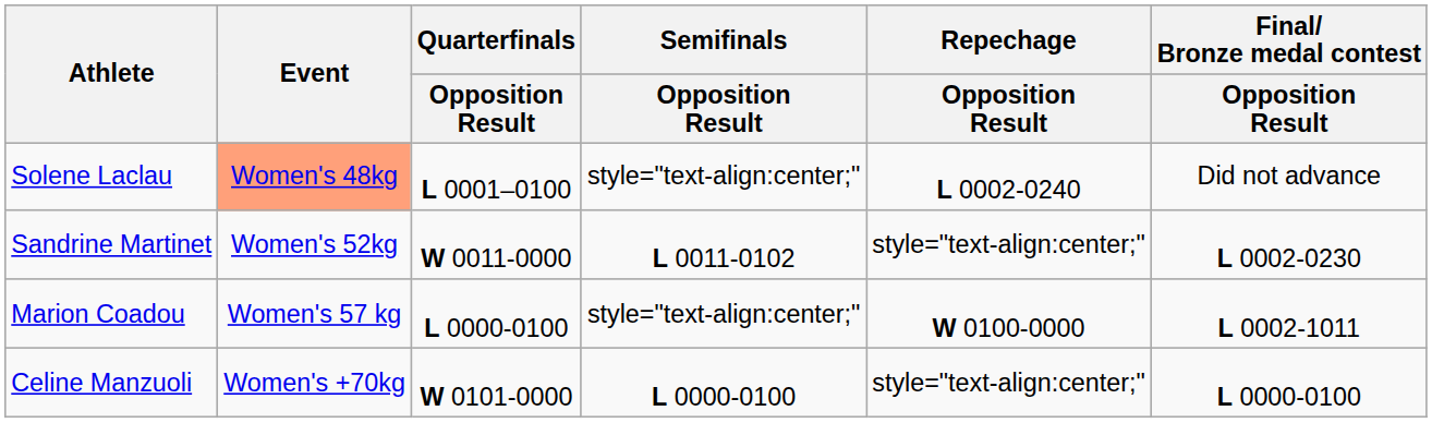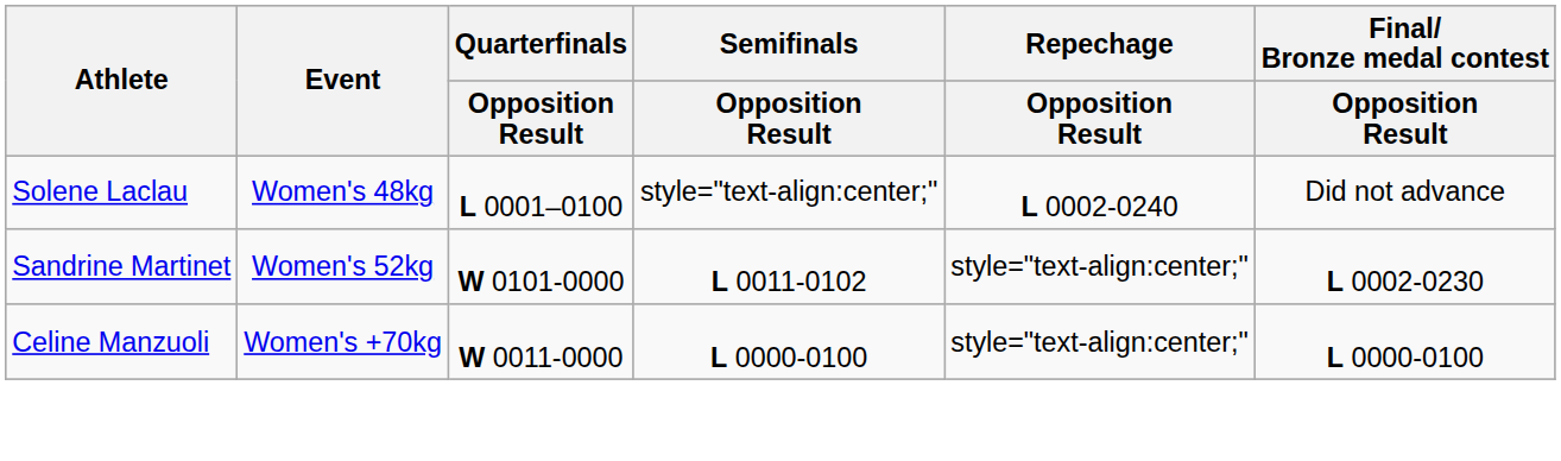 <table class= wikitable style="font-size:90%">
 <tr>
 <th rowspan="2">Athlete</th>
 <th rowspan="2">Event</th>
 <th>Quarterfinals</th>
 <th>Semifinals</th>
 <th>Repechage</th>
 <th>Final/<br>Bronze medal contest</th>
 </tr>
 <tr>
 <th>Opposition<br>Result</th>
 <th>Opposition<br>Result</th>
 <th>Opposition<br>Result</th>
 <th>Opposition<br>Result</th>
 </tr>
 <tr>
 <td><a href='#'>Solene Laclau</a></td>
-<td style="background: lightsalmon; text-align:center;"><a href='#'>Women's 48kg</a></td>
+<td style="text-align:center;"><a href='#'>Women's 48kg</a></td>
 <td style="text-align:center;"><br> <strong>L</strong> 0001–0100</td>
 <td>style="text-align:center;" </td>
 <td style="text-align:center;"><br> <strong>L</strong> 0002-0240</td>
 <td style="text-align:center;">Did not advance</td>
 </tr>
 <tr>
 <td><a href='#'>Sandrine Martinet</a></td>
 <td style="text-align:center;"><a href='#'>Women's 52kg</a></td>
-<td style="text-align:center;"><br> <strong>W</strong> 0011-0000</td>
+<td style="text-align:center;"><br><strong>W</strong> 0101-0000</td>
 <td style="text-align:center;"><br> <strong>L</strong> 0011-0102</td>
 <td>style="text-align:center;" </td>
 <td style="text-align:center;"><br><strong>L</strong> 0002-0230</td>
 </tr>
 <tr>
-<td><a href='#'>Marion Coadou</a></td>
-<td style="text-align:center;"><a href='#'>Women's 57 kg</a></td>
-<td style="text-align:center;"><br><strong>L</strong> 0000-0100</td>
-<td>style="text-align:center;" </td>
-<td style="text-align:center;"><br><strong>W</strong> 0100-0000</td>
-<td style="text-align:center;"><br><strong>L</strong> 0002-1011</td>
-</tr>
-<tr>
 <td><a href='#'>Celine Manzuoli</a></td>
 <td style="text-align:center;"><a href='#'>Women's +70kg</a></td>
-<td style="text-align:center;"><br><strong>W</strong> 0101-0000</td>
+<td style="text-align:center;"><br> <strong>W</strong> 0011-0000</td>
 <td style="text-align:center;"><br><strong>L</strong> 0000-0100</td>
 <td>style="text-align:center;" </td>
 <td style="text-align:center;"><br> <strong>L</strong> 0000-0100</td>
 </tr>
 </table>
